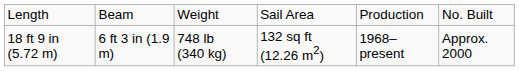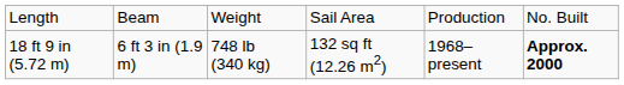 <table class="wikitable">
 <tr>
 <td>Length</td>
 <td>Beam</td>
 <td>Weight</td>
 <td>Sail Area</td>
 <td>Production</td>
 <td>No. Built</td>
 </tr>
 <tr>
 <td>18 ft 9 in (5.72 m)</td>
 <td>6 ft 3 in (1.9 m)</td>
 <td>748 lb (340 kg)</td>
 <td>132 sq ft (12.26 m<sup>2</sup>)</td>
 <td>1968–present</td>
-<td>Approx. 2000</td>
+<td><strong>Approx. 2000</strong></td>
 </tr>
 </table>
